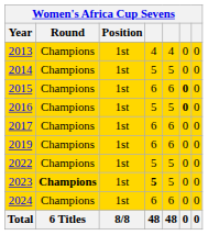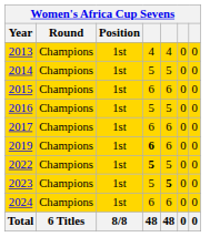 <table class="wikitable" style="text-align: center;">
 <tr>
 <th colspan=7><a href='#'>Women's Africa Cup Sevens</a></th>
 </tr>
 <tr>
 <th>Year</th>
 <th>Round</th>
 <th>Position</th>
 <th></th>
 <th></th>
 <th></th>
 <th></th>
 </tr>
 <tr bgcolor=gold>
 <td><a href='#'>2013</a></td>
 <td>Champions</td>
 <td>1st</td>
 <td>4</td>
 <td>4</td>
 <td>0</td>
 <td>0</td>
 </tr>
 <tr bgcolor=gold>
 <td><a href='#'>2014</a></td>
 <td>Champions</td>
 <td>1st</td>
 <td>5</td>
 <td>5</td>
 <td>0</td>
 <td>0</td>
 </tr>
 <tr bgcolor=gold>
 <td><a href='#'>2015</a></td>
 <td>Champions</td>
 <td>1st</td>
 <td>6</td>
 <td>6</td>
-<td><strong>0</strong></td>
+<td>0</td>
 <td>0</td>
 </tr>
 <tr bgcolor=gold>
 <td><a href='#'>2016</a></td>
 <td>Champions</td>
 <td>1st</td>
 <td>5</td>
 <td>5</td>
-<td><strong>0</strong></td>
+<td>0</td>
 <td>0</td>
 </tr>
 <tr bgcolor=gold>
 <td><a href='#'>2017</a></td>
 <td>Champions</td>
 <td>1st</td>
 <td>6</td>
 <td>6</td>
 <td>0</td>
 <td>0</td>
 </tr>
 <tr bgcolor=gold>
 <td><a href='#'>2019</a></td>
 <td>Champions</td>
 <td>1st</td>
-<td>6</td>
+<td><strong>6</strong></td>
 <td>6</td>
 <td>0</td>
 <td>0</td>
 </tr>
 <tr bgcolor=gold>
 <td><a href='#'>2022</a></td>
 <td>Champions</td>
 <td>1st</td>
-<td>5</td>
+<td><strong>5</strong></td>
 <td>5</td>
 <td>0</td>
 <td>0</td>
 </tr>
 <tr bgcolor=gold>
 <td><a href='#'>2023</a></td>
-<td><strong>Champions</strong></td>
+<td>Champions</td>
 <td>1st</td>
+<td>5</td>
 <td><strong>5</strong></td>
-<td>5</td>
 <td>0</td>
 <td>0</td>
 </tr>
 <tr bgcolor=gold>
 <td><a href='#'>2024</a></td>
 <td>Champions</td>
 <td>1st</td>
 <td>6</td>
 <td>6</td>
 <td>0</td>
 <td>0</td>
 </tr>
 <tr>
 <th>Total</th>
 <th>6 Titles</th>
 <th>8/8</th>
 <th>48</th>
 <th>48</th>
 <th>0</th>
 <th>0</th>
 </tr>
 </table>
